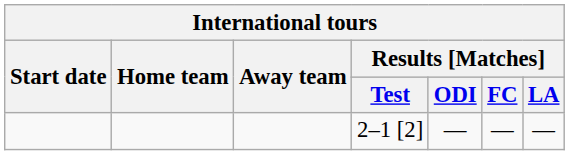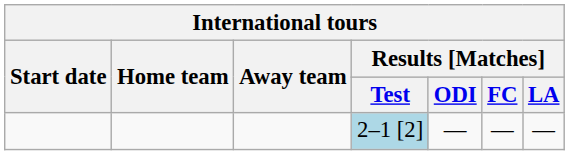 <table class="wikitable">
 <tr>
 <th colspan="7">International tours</th>
 </tr>
 <tr>
 <th rowspan="2">Start date</th>
 <th rowspan="2">Home team</th>
 <th rowspan="2">Away team</th>
 <th colspan="4">Results [Matches]</th>
 </tr>
 <tr>
 <th><a href='#'>Test</a></th>
 <th><a href='#'>ODI</a></th>
 <th><a href='#'>FC</a></th>
 <th><a href='#'>LA</a></th>
 </tr>
 <tr>
 <td><a href='#'></a></td>
 <td></td>
 <td></td>
-<td>2–1 [2]</td>
+<td style="background: lightblue;">2–1 [2]</td>
 <td ; style="text-align:center">—</td>
 <td ; style="text-align:center">—</td>
 <td ; style="text-align:center">—</td>
 </tr>
 </table>
